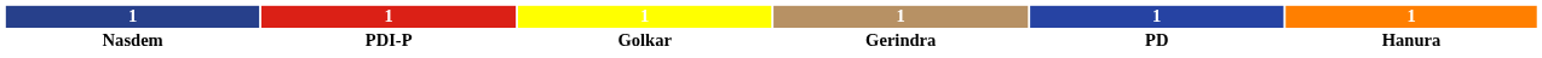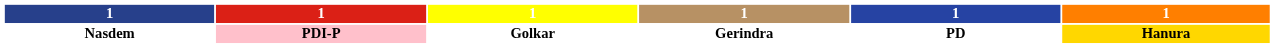 <table style="width:88%; text-align:center;">
 <tr style="color:white;">
 <td style="background:#27408B; width:16.7%;"><strong>1</strong></td>
 <td style="background:#DB2016; width:16.7%;"><strong>1</strong></td>
 <td style="background:#FFFF00; width:16.7%;"><strong>1</strong></td>
 <td style="background:#B79164; width:16.7%;"><strong>1</strong></td>
 <td style="background:#2643A3; width:16.7%;"><strong>1</strong></td>
 <td style="background:#FF7F00; width:16.7%;"><strong>1</strong></td>
 </tr>
 <tr>
 <td><span><strong>Nasdem</strong></span></td>
-<td><span><strong>PDI-P</strong></span></td>
+<td style="background: pink;"><span><strong>PDI-P</strong></span></td>
 <td><span><strong>Golkar</strong></span></td>
 <td><span><strong>Gerindra</strong></span></td>
 <td><span><strong>PD</strong></span></td>
-<td><span><strong>Hanura</strong></span></td>
+<td style="background: gold;"><span><strong>Hanura</strong></span></td>
 </tr>
 </table>
